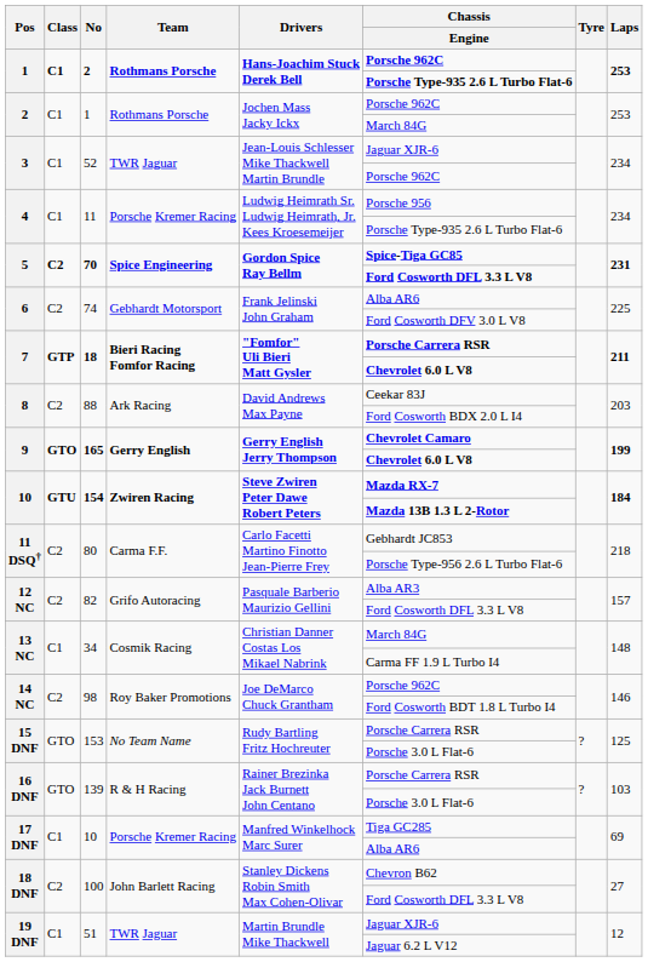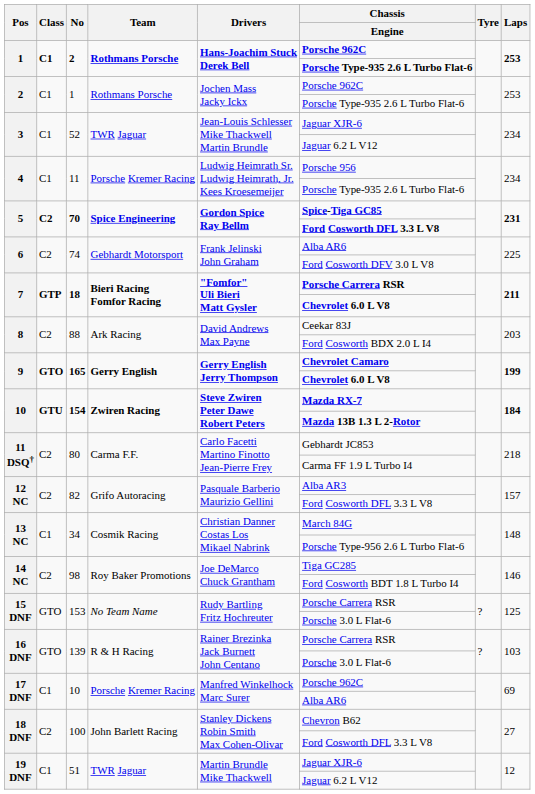 <table class="wikitable" style="font-size: 95%;">
 <tr>
 <th rowspan=2>Pos</th>
 <th rowspan=2>Class</th>
 <th rowspan=2>No</th>
 <th rowspan=2>Team</th>
 <th rowspan=2>Drivers</th>
 <th>Chassis</th>
 <th rowspan=2>Tyre</th>
 <th rowspan=2>Laps</th>
 </tr>
 <tr>
 <th>Engine</th>
 </tr>
 <tr style="font-weight:bold">
 <th rowspan=2>1</th>
 <td rowspan=2>C1</td>
 <td rowspan=2>2</td>
 <td rowspan=2> <a href='#'>Rothmans Porsche</a></td>
 <td rowspan=2> <a href='#'>Hans-Joachim Stuck</a><br> <a href='#'>Derek Bell</a></td>
 <td><a href='#'>Porsche 962C</a></td>
 <td rowspan=2></td>
 <td rowspan=2>253</td>
 </tr>
 <tr style="font-weight:bold">
 <td><a href='#'>Porsche</a> Type-935 2.6 L Turbo Flat-6</td>
 </tr>
 <tr>
 <th rowspan=2>2</th>
 <td rowspan=2>C1</td>
 <td rowspan=2>1</td>
 <td rowspan=2> <a href='#'>Rothmans Porsche</a></td>
 <td rowspan=2> <a href='#'>Jochen Mass</a><br> <a href='#'>Jacky Ickx</a></td>
 <td><a href='#'>Porsche 962C</a></td>
 <td rowspan=2></td>
 <td rowspan=2>253</td>
 </tr>
 <tr>
-<td><a href='#'>March 84G</a></td>
+<td><a href='#'>Porsche</a> Type-935 2.6 L Turbo Flat-6</td>
 </tr>
 <tr>
 <th rowspan=2>3</th>
 <td rowspan=2>C1</td>
 <td rowspan=2>52</td>
 <td rowspan=2> <a href='#'>TWR</a> <a href='#'>Jaguar</a></td>
 <td rowspan=2> <a href='#'>Jean-Louis Schlesser</a><br> <a href='#'>Mike Thackwell</a><br> <a href='#'>Martin Brundle</a></td>
 <td><a href='#'>Jaguar XJR-6</a></td>
 <td rowspan=2></td>
 <td rowspan=2>234</td>
 </tr>
 <tr>
-<td><a href='#'>Porsche 962C</a></td>
+<td><a href='#'>Jaguar</a> 6.2 L V12</td>
 </tr>
 <tr>
 <th rowspan=2>4</th>
 <td rowspan=2>C1</td>
 <td rowspan=2>11</td>
 <td rowspan=2> <a href='#'>Porsche</a> <a href='#'>Kremer Racing</a></td>
 <td rowspan=2> <a href='#'>Ludwig Heimrath Sr.</a><br> <a href='#'>Ludwig Heimrath, Jr.</a><br> <a href='#'>Kees Kroesemeijer</a></td>
 <td><a href='#'>Porsche 956</a></td>
 <td rowspan=2></td>
 <td rowspan=2>234</td>
 </tr>
 <tr>
 <td><a href='#'>Porsche</a> Type-935 2.6 L Turbo Flat-6</td>
 </tr>
 <tr style="font-weight:bold">
 <th rowspan=2>5</th>
 <td rowspan=2>C2</td>
 <td rowspan=2>70</td>
 <td rowspan=2> <a href='#'>Spice Engineering</a></td>
 <td rowspan=2> <a href='#'>Gordon Spice</a><br> <a href='#'>Ray Bellm</a></td>
 <td><a href='#'>Spice</a>-<a href='#'>Tiga GC85</a></td>
 <td rowspan=2></td>
 <td rowspan=2>231</td>
 </tr>
 <tr style="font-weight:bold">
 <td><a href='#'>Ford</a> <a href='#'>Cosworth DFL</a> 3.3 L V8</td>
 </tr>
 <tr>
 <th rowspan=2>6</th>
 <td rowspan=2>C2</td>
 <td rowspan=2>74</td>
 <td rowspan=2> <a href='#'>Gebhardt Motorsport</a></td>
 <td rowspan=2> <a href='#'>Frank Jelinski</a><br> <a href='#'>John Graham</a></td>
 <td><a href='#'>Alba AR6</a></td>
 <td rowspan=2></td>
 <td rowspan=2>225</td>
 </tr>
 <tr>
 <td><a href='#'>Ford</a> <a href='#'>Cosworth DFV</a> 3.0 L V8</td>
 </tr>
 <tr style="font-weight:bold">
 <th rowspan=2>7</th>
 <td rowspan=2>GTP</td>
 <td rowspan=2>18</td>
 <td rowspan=2> Bieri Racing<br> Fomfor Racing</td>
 <td rowspan=2> <a href='#'>"Fomfor"</a><br> <a href='#'>Uli Bieri</a><br> <a href='#'>Matt Gysler</a></td>
 <td><a href='#'>Porsche Carrera</a> RSR</td>
 <td rowspan=2></td>
 <td rowspan=2>211</td>
 </tr>
 <tr style="font-weight:bold">
 <td><a href='#'>Chevrolet</a> 6.0 L V8</td>
 </tr>
 <tr>
 <th rowspan=2>8</th>
 <td rowspan=2>C2</td>
 <td rowspan=2>88</td>
 <td rowspan=2> Ark Racing</td>
 <td rowspan=2> <a href='#'>David Andrews</a><br> <a href='#'>Max Payne</a></td>
 <td>Ceekar 83J</td>
 <td rowspan=2></td>
 <td rowspan=2>203</td>
 </tr>
 <tr>
 <td><a href='#'>Ford</a> <a href='#'>Cosworth</a> BDX 2.0 L I4</td>
 </tr>
 <tr style="font-weight:bold">
 <th rowspan=2>9</th>
 <td rowspan=2>GTO</td>
 <td rowspan=2>165</td>
 <td rowspan=2> Gerry English</td>
 <td rowspan=2> <a href='#'>Gerry English</a><br> <a href='#'>Jerry Thompson</a></td>
 <td><a href='#'>Chevrolet Camaro</a></td>
 <td rowspan=2></td>
 <td rowspan=2>199</td>
 </tr>
 <tr style="font-weight:bold">
 <td><a href='#'>Chevrolet</a> 6.0 L V8</td>
 </tr>
 <tr style="font-weight:bold">
 <th rowspan=2>10</th>
 <td rowspan=2>GTU</td>
 <td rowspan=2>154</td>
 <td rowspan=2> Zwiren Racing</td>
 <td rowspan=2> <a href='#'>Steve Zwiren</a><br> <a href='#'>Peter Dawe</a><br> <a href='#'>Robert Peters</a></td>
 <td><a href='#'>Mazda RX-7</a></td>
 <td rowspan=2></td>
 <td rowspan=2>184</td>
 </tr>
 <tr style="font-weight:bold">
 <td><a href='#'>Mazda</a> 13B 1.3 L 2-<a href='#'>Rotor</a></td>
 </tr>
 <tr>
 <th rowspan=2>11<br>DSQ<sup>†</sup></th>
 <td rowspan=2>C2</td>
 <td rowspan=2>80</td>
 <td rowspan=2> Carma F.F.</td>
 <td rowspan=2> <a href='#'>Carlo Facetti</a><br> <a href='#'>Martino Finotto</a><br> <a href='#'>Jean-Pierre Frey</a></td>
 <td>Gebhardt JC853</td>
 <td rowspan=2></td>
 <td rowspan=2>218</td>
 </tr>
 <tr>
-<td><a href='#'>Porsche</a> Type-956 2.6 L Turbo Flat-6</td>
+<td>Carma FF 1.9 L Turbo I4</td>
 </tr>
 <tr>
 <th rowspan=2>12<br>NC</th>
 <td rowspan=2>C2</td>
 <td rowspan=2>82</td>
 <td rowspan=2> Grifo Autoracing</td>
 <td rowspan=2> <a href='#'>Pasquale Barberio</a><br> <a href='#'>Maurizio Gellini</a></td>
 <td><a href='#'>Alba AR3</a></td>
 <td rowspan=2></td>
 <td rowspan=2>157</td>
 </tr>
 <tr>
 <td><a href='#'>Ford</a> <a href='#'>Cosworth DFL</a> 3.3 L V8</td>
 </tr>
 <tr>
 <th rowspan=2>13<br>NC</th>
 <td rowspan=2>C1</td>
 <td rowspan=2>34</td>
 <td rowspan=2> Cosmik Racing</td>
 <td rowspan=2> <a href='#'>Christian Danner</a><br> <a href='#'>Costas Los</a><br> <a href='#'>Mikael Nabrink</a></td>
 <td><a href='#'>March 84G</a></td>
 <td rowspan=2></td>
 <td rowspan=2>148</td>
 </tr>
 <tr>
-<td>Carma FF 1.9 L Turbo I4</td>
+<td><a href='#'>Porsche</a> Type-956 2.6 L Turbo Flat-6</td>
 </tr>
 <tr>
 <th rowspan=2>14<br>NC</th>
 <td rowspan=2>C2</td>
 <td rowspan=2>98</td>
 <td rowspan=2> Roy Baker Promotions</td>
 <td rowspan=2> <a href='#'>Joe DeMarco</a><br> <a href='#'>Chuck Grantham</a></td>
-<td><a href='#'>Porsche 962C</a></td>
+<td><a href='#'>Tiga GC285</a></td>
 <td rowspan=2></td>
 <td rowspan=2>146</td>
 </tr>
 <tr>
 <td><a href='#'>Ford</a> <a href='#'>Cosworth</a> BDT 1.8 L Turbo I4</td>
 </tr>
 <tr>
 <th rowspan=2>15<br>DNF</th>
 <td rowspan=2>GTO</td>
 <td rowspan=2>153</td>
 <td rowspan=2> <em>No Team Name</em></td>
 <td rowspan=2> <a href='#'>Rudy Bartling</a><br> <a href='#'>Fritz Hochreuter</a></td>
 <td><a href='#'>Porsche Carrera</a> RSR</td>
 <td rowspan=2>?</td>
 <td rowspan=2>125</td>
 </tr>
 <tr>
 <td><a href='#'>Porsche</a> 3.0 L Flat-6</td>
 </tr>
 <tr>
 <th rowspan=2>16<br>DNF</th>
 <td rowspan=2>GTO</td>
 <td rowspan=2>139</td>
 <td rowspan=2> R & H Racing</td>
 <td rowspan=2> <a href='#'>Rainer Brezinka</a><br> <a href='#'>Jack Burnett</a><br> <a href='#'>John Centano</a></td>
 <td><a href='#'>Porsche Carrera</a> RSR</td>
 <td rowspan=2>?</td>
 <td rowspan=2>103</td>
 </tr>
 <tr>
 <td><a href='#'>Porsche</a> 3.0 L Flat-6</td>
 </tr>
 <tr>
 <th rowspan=2>17<br>DNF</th>
 <td rowspan=2>C1</td>
 <td rowspan=2>10</td>
 <td rowspan=2> <a href='#'>Porsche</a> <a href='#'>Kremer Racing</a></td>
 <td rowspan=2> <a href='#'>Manfred Winkelhock</a><br> <a href='#'>Marc Surer</a></td>
-<td><a href='#'>Tiga GC285</a></td>
+<td><a href='#'>Porsche 962C</a></td>
 <td rowspan=2></td>
 <td rowspan=2>69</td>
 </tr>
 <tr>
 <td><a href='#'>Alba AR6</a></td>
 </tr>
 <tr>
 <th rowspan=2>18<br>DNF</th>
 <td rowspan=2>C2</td>
 <td rowspan=2>100</td>
 <td rowspan=2> John Barlett Racing</td>
 <td rowspan=2> <a href='#'>Stanley Dickens</a><br> <a href='#'>Robin Smith</a><br> <a href='#'>Max Cohen-Olivar</a></td>
 <td><a href='#'>Chevron</a> B62</td>
 <td rowspan=2></td>
 <td rowspan=2>27</td>
 </tr>
 <tr>
 <td><a href='#'>Ford</a> <a href='#'>Cosworth DFL</a> 3.3 L V8</td>
 </tr>
 <tr>
 <th rowspan=2>19<br>DNF</th>
 <td rowspan=2>C1</td>
 <td rowspan=2>51</td>
 <td rowspan=2> <a href='#'>TWR</a> <a href='#'>Jaguar</a></td>
 <td rowspan=2> <a href='#'>Martin Brundle</a><br> <a href='#'>Mike Thackwell</a></td>
 <td><a href='#'>Jaguar XJR-6</a></td>
 <td rowspan=2></td>
 <td rowspan=2>12</td>
 </tr>
 <tr>
 <td><a href='#'>Jaguar</a> 6.2 L V12</td>
 </tr>
 </table>
